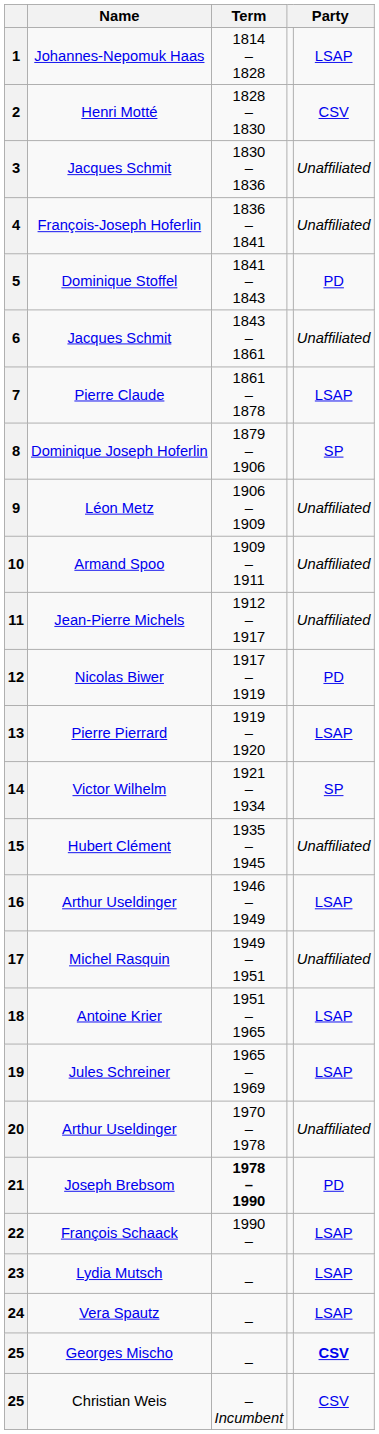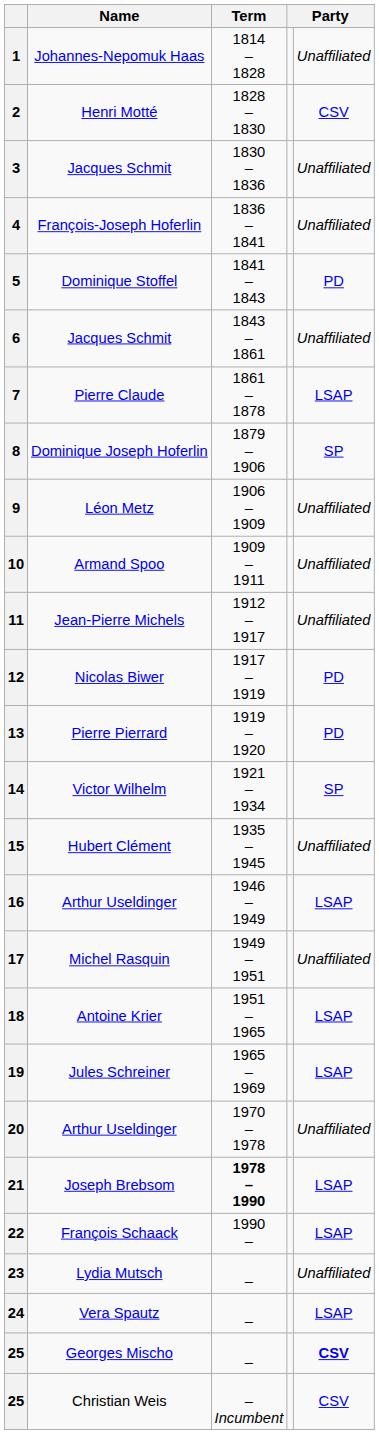 <table class="wikitable sortable" style="text-align:center">
 <tr>
 <th></th>
 <th>Name</th>
 <th>Term</th>
 <th colspan=2>Party</th>
 </tr>
 <tr>
 <th>1</th>
 <td data-sort-value="Haas, Johannes-Nepomuk"><a href='#'>Johannes-Nepomuk Haas</a></td>
 <td>1814<br>–<br>1828</td>
 <td style="background-color:"></td>
-<td><a href='#'>LSAP</a></td>
+<td><em>Unaffiliated</em></td>
 </tr>
 <tr>
 <th>2</th>
 <td data-sort-value="Motté, Henri"><a href='#'>Henri Motté</a></td>
 <td>1828<br>–<br>1830</td>
 <td style="background-color:"></td>
 <td><a href='#'>CSV</a></td>
 </tr>
 <tr>
 <th>3</th>
 <td data-sort-value="Schmit, Jacquesa"><a href='#'>Jacques Schmit</a></td>
 <td>1830<br>–<br>1836</td>
 <td style="background-color:"></td>
 <td><em>Unaffiliated</em></td>
 </tr>
 <tr>
 <th>4</th>
 <td data-sort-value="Hoferlin, François-Joseph'"><a href='#'>François-Joseph Hoferlin</a></td>
 <td>1836<br>–<br>1841</td>
 <td style="background-color:"></td>
 <td><em>Unaffiliated</em></td>
 </tr>
 <tr>
 <th>5</th>
 <td data-sort-value="Stoffel, Dominique"><a href='#'>Dominique Stoffel</a></td>
 <td>1841<br>–<br>1843</td>
 <td style="background-color:"></td>
 <td><a href='#'>PD</a></td>
 </tr>
 <tr>
 <th>6</th>
 <td data-sort-value="Schmit, Jacquesb"><a href='#'>Jacques Schmit</a></td>
 <td>1843<br>–<br>1861</td>
 <td style="background-color:"></td>
 <td><em>Unaffiliated</em></td>
 </tr>
 <tr>
 <th>7</th>
 <td data-sort-value="Claude, Pierre"><a href='#'>Pierre Claude</a></td>
 <td>1861<br>–<br>1878</td>
 <td style="background-color:"></td>
 <td><a href='#'>LSAP</a></td>
 </tr>
 <tr>
 <th>8</th>
 <td data-sort-value="Hoferlin, Dominique Joseph"><a href='#'>Dominique Joseph Hoferlin</a></td>
 <td>1879<br>–<br>1906</td>
 <td style="background-color:"></td>
 <td><a href='#'>SP</a></td>
 </tr>
 <tr>
 <th>9</th>
 <td data-sort-value="Metz, Léon"><a href='#'>Léon Metz</a></td>
 <td>1906<br>–<br>1909</td>
 <td style="background-color:"></td>
 <td><em>Unaffiliated</em></td>
 </tr>
 <tr>
 <th>10</th>
 <td data-sort-value="Spoo, Armand"><a href='#'>Armand Spoo</a></td>
 <td>1909<br>–<br>1911</td>
 <td style="background-color:"></td>
 <td><em>Unaffiliated</em></td>
 </tr>
 <tr>
 <th>11</th>
 <td data-sort-value="Michels, Jean-Pierre"><a href='#'>Jean-Pierre Michels</a></td>
 <td>1912<br>–<br>1917</td>
 <td style="background-color:"></td>
 <td><em>Unaffiliated</em></td>
 </tr>
 <tr>
 <th>12</th>
 <td data-sort-value="Biwer, Nicolas"><a href='#'>Nicolas Biwer</a></td>
 <td>1917<br>–<br>1919</td>
 <td style="background-color: "></td>
 <td><a href='#'>PD</a></td>
 </tr>
 <tr>
 <th>13</th>
 <td data-sort-value="Pierrard, Pierre"><a href='#'>Pierre Pierrard</a></td>
 <td>1919<br>–<br>1920</td>
 <td style="background-color: "></td>
-<td><a href='#'>LSAP</a></td>
+<td><a href='#'>PD</a></td>
 </tr>
 <tr>
 <th>14</th>
 <td data-sort-value="Wilhelm, Victor"><a href='#'>Victor Wilhelm</a></td>
 <td>1921<br>–<br>1934</td>
 <td style="background-color: "></td>
 <td><a href='#'>SP</a></td>
 </tr>
 <tr>
 <th>15</th>
 <td data-sort-value="Clément, Hubert"><a href='#'>Hubert Clément</a></td>
 <td>1935<br>–<br>1945</td>
 <td style="background-color: "></td>
 <td><em>Unaffiliated</em></td>
 </tr>
 <tr>
 <th>16</th>
 <td data-sort-value="Useldinger, Arthura"><a href='#'>Arthur Useldinger</a></td>
 <td>1946<br>–<br>1949</td>
 <td style="background-color: "></td>
 <td><a href='#'>LSAP</a></td>
 </tr>
 <tr>
 <th>17</th>
 <td data-sort-value="Rasquin, Michel"><a href='#'>Michel Rasquin</a></td>
 <td>1949<br>–<br>1951</td>
 <td style="background-color: "></td>
 <td><em>Unaffiliated</em></td>
 </tr>
 <tr>
 <th>18</th>
 <td data-sort-value="Krier, Antoine"><a href='#'>Antoine Krier</a></td>
 <td>1951<br>–<br>1965</td>
 <td style="background-color: "></td>
 <td><a href='#'>LSAP</a></td>
 </tr>
 <tr>
 <th>19</th>
 <td data-sort-value="Schreiner, Jules"><a href='#'>Jules Schreiner</a></td>
 <td>1965<br>–<br>1969</td>
 <td style="background-color: "></td>
 <td><a href='#'>LSAP</a></td>
 </tr>
 <tr>
 <th>20</th>
 <td data-sort-value="Useldinger, Arthurb"><a href='#'>Arthur Useldinger</a></td>
 <td>1970<br>–<br>1978</td>
 <td style="background-color: "></td>
 <td><em>Unaffiliated</em></td>
 </tr>
 <tr>
 <th>21</th>
 <td data-sort-value="Brebsom, Joseph"><a href='#'>Joseph Brebsom</a></td>
 <td><strong>1978<br>–<br>1990</strong></td>
 <td style="background-color: "></td>
-<td><a href='#'>PD</a></td>
+<td><a href='#'>LSAP</a></td>
 </tr>
 <tr>
 <th>22</th>
 <td data-sort-value="Schaack, François"><a href='#'>François Schaack</a></td>
 <td>1990<br>–<br></td>
 <td style="background-color: "></td>
 <td><a href='#'>LSAP</a></td>
 </tr>
 <tr>
 <th>23</th>
 <td data-sort-value="Mutsch, Lydia"><a href='#'>Lydia Mutsch</a></td>
 <td><br>–<br></td>
 <td style="background-color: "></td>
-<td><a href='#'>LSAP</a></td>
+<td><em>Unaffiliated</em></td>
 </tr>
 <tr>
 <th>24</th>
 <td data-sort-value="Spautz, Vera"><a href='#'>Vera Spautz</a></td>
 <td><br>–<br></td>
 <td style="background-color: "></td>
 <td><a href='#'>LSAP</a></td>
 </tr>
 <tr>
 <th>25</th>
 <td data-sort-value="Mischo, Georges"><a href='#'>Georges Mischo</a></td>
 <td><br>–<br></td>
 <td style="background-color: "></td>
 <td><strong><a href='#'>CSV</a></strong></td>
 </tr>
 <tr>
 <th>25</th>
 <td data-sort-value="Weis, Christian">Christian Weis</td>
 <td><br>–<br><em>Incumbent</em></td>
 <td style="background-color: "></td>
 <td><a href='#'>CSV</a></td>
 </tr>
 </table>
